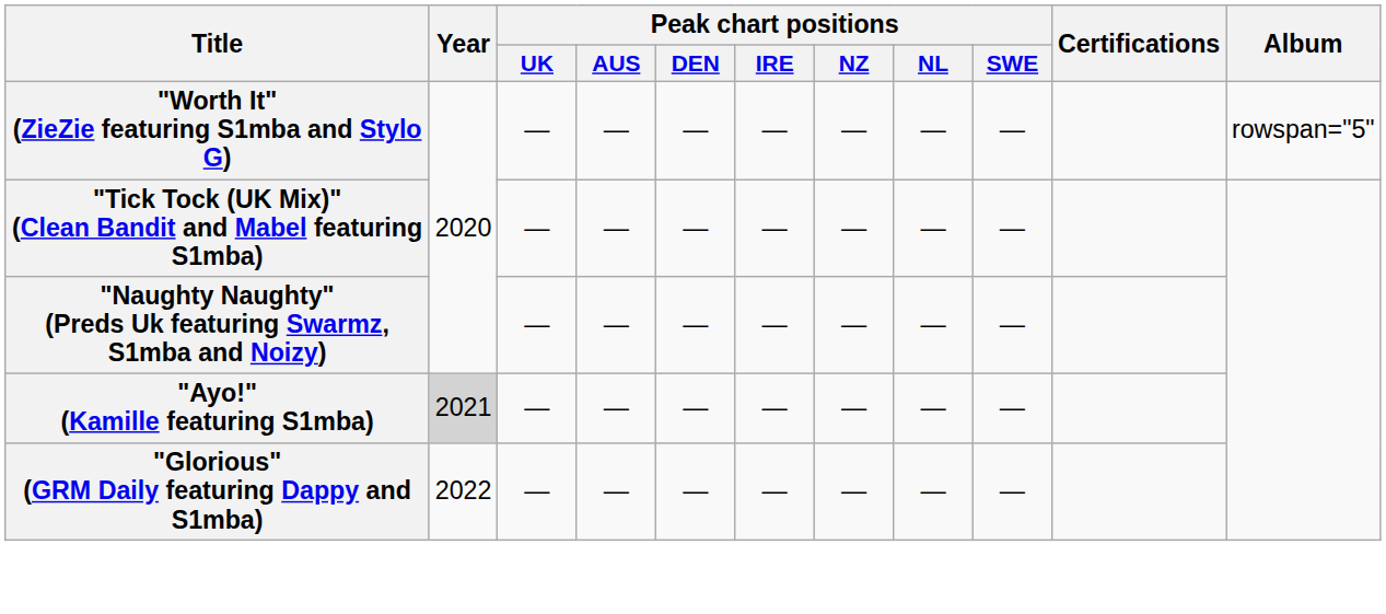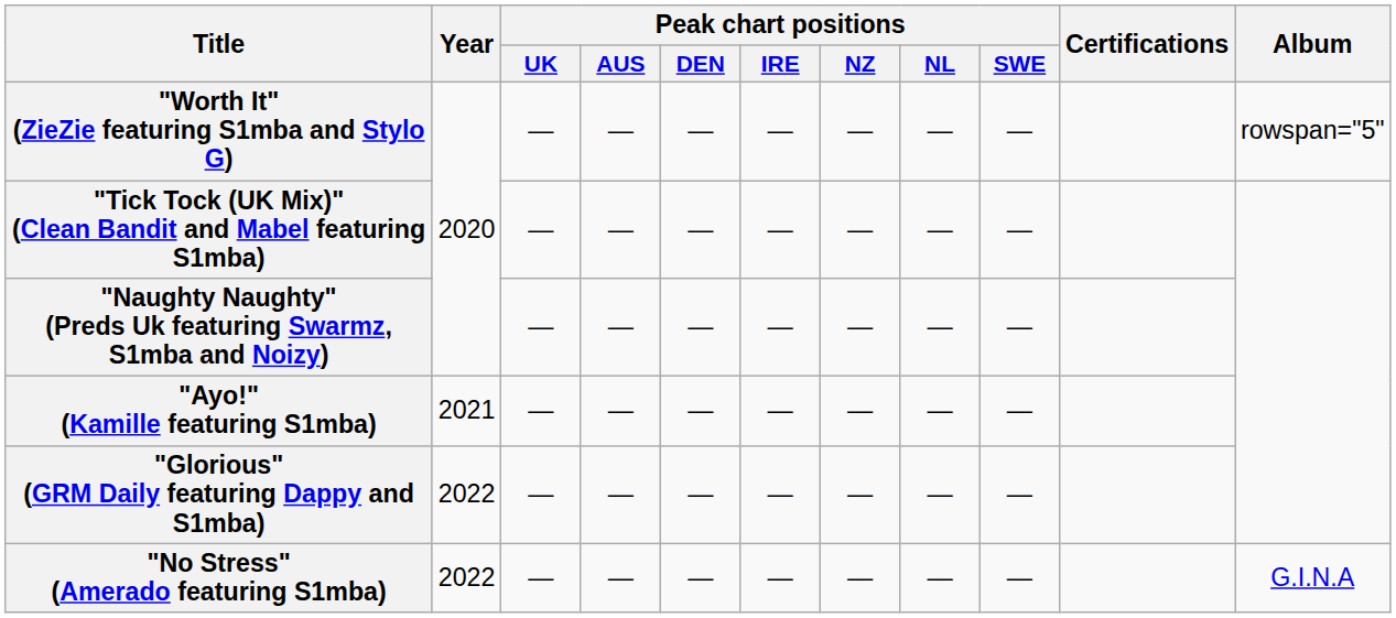 <table class="wikitable plainrowheaders" style="text-align:center;">
 <tr>
 <th rowspan="2">Title</th>
 <th rowspan="2">Year</th>
 <th colspan="7">Peak chart positions</th>
 <th rowspan="2">Certifications</th>
 <th rowspan="2">Album</th>
 </tr>
 <tr>
 <th scope="col" style="width:3em;font-size:90%;"><a href='#'>UK</a><br></th>
 <th scope="col" style="width:3em;font-size:90%;"><a href='#'>AUS</a><br></th>
 <th scope="col" style="width:3em;font-size:90%;"><a href='#'>DEN</a><br></th>
 <th scope="col" style="width:3em;font-size:90%;"><a href='#'>IRE</a><br></th>
 <th scope="col" style="width:3em;font-size:90%;"><a href='#'>NZ</a><br></th>
 <th scope="col" style="width:3em;font-size:90%;"><a href='#'>NL</a><br></th>
 <th scope="col" style="width:3em;font-size:90%;"><a href='#'>SWE</a><br></th>
 </tr>
 <tr>
 <th scope="row">"Worth It"<br><span>(<a href='#'>ZieZie</a> featuring S1mba and <a href='#'>Stylo G</a>)</span></th>
 <td rowspan="3">2020</td>
 <td>—</td>
 <td>—</td>
 <td>—</td>
 <td>—</td>
 <td>—</td>
 <td>—</td>
 <td>—</td>
 <td></td>
 <td>rowspan="5" </td>
 </tr>
 <tr>
 <th scope="row">"Tick Tock (UK Mix)"<br><span>(<a href='#'>Clean Bandit</a> and <a href='#'>Mabel</a> featuring S1mba)</span></th>
 <td>—</td>
 <td>—</td>
 <td>—</td>
 <td>—</td>
 <td>—</td>
 <td>—</td>
 <td>—</td>
 <td></td>
 </tr>
 <tr>
 <th scope="row">"Naughty Naughty"<br><span>(Preds Uk featuring <a href='#'>Swarmz</a>, S1mba and <a href='#'>Noizy</a>)</span></th>
 <td>—</td>
 <td>—</td>
 <td>—</td>
 <td>—</td>
 <td>—</td>
 <td>—</td>
 <td>—</td>
 <td></td>
 </tr>
 <tr>
 <th scope="row">"Ayo!"<br><span>(<a href='#'>Kamille</a> featuring S1mba)</span></th>
-<td style="background: lightgrey;">2021</td>
+<td>2021</td>
 <td>—</td>
 <td>—</td>
 <td>—</td>
 <td>—</td>
 <td>—</td>
 <td>—</td>
 <td>—</td>
 <td></td>
 </tr>
 <tr>
 <th scope="row">"Glorious"<br><span>(<a href='#'>GRM Daily</a> featuring <a href='#'>Dappy</a> and S1mba)</span></th>
 <td>2022</td>
 <td>—</td>
 <td>—</td>
 <td>—</td>
 <td>—</td>
 <td>—</td>
 <td>—</td>
 <td>—</td>
 <td></td>
 </tr>
+<tr>
+<th>"No Stress"<br><span>(<a href='#'>Amerado</a> featuring S1mba)</span></th>
+<td>2022</td>
+<td>—</td>
+<td>—</td>
+<td>—</td>
+<td>—</td>
+<td>—</td>
+<td>—</td>
+<td>—</td>
+<td></td>
+<td><a href='#'>G.I.N.A</a></td>
+</tr>
 </table>
